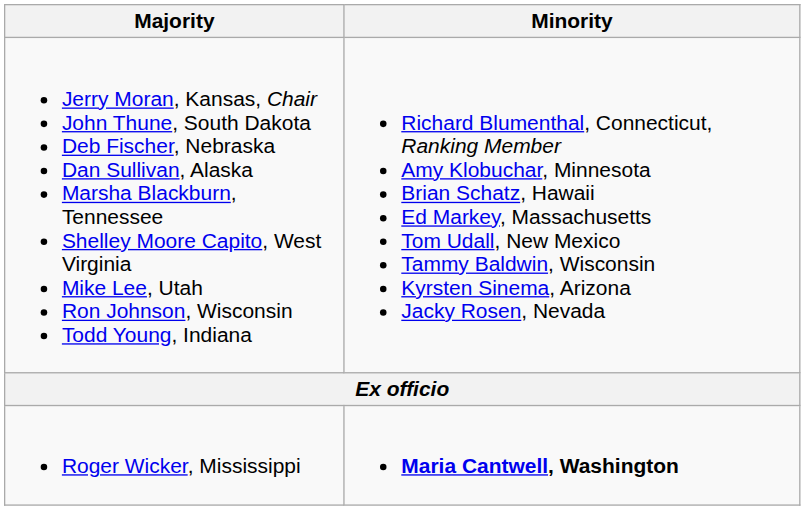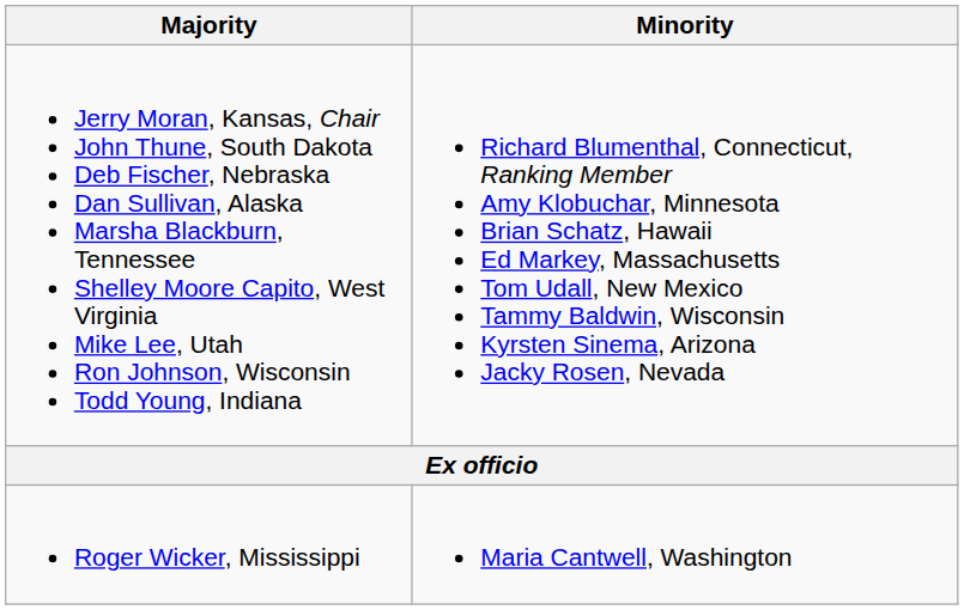 <table class=wikitable>
 <tr>
 <th>Majority</th>
 <th>Minority</th>
 </tr>
 <tr>
 <td><br><ul><li><a href='#'>Jerry Moran</a>, Kansas, <em>Chair</em></li><li><a href='#'>John Thune</a>, South Dakota</li><li><a href='#'>Deb Fischer</a>, Nebraska</li><li><a href='#'>Dan Sullivan</a>, Alaska</li><li><a href='#'>Marsha Blackburn</a>, Tennessee</li><li><a href='#'>Shelley Moore Capito</a>, West Virginia</li><li><a href='#'>Mike Lee</a>, Utah</li><li><a href='#'>Ron Johnson</a>, Wisconsin</li><li><a href='#'>Todd Young</a>, Indiana</li></ul></td>
 <td><br><ul><li><a href='#'>Richard Blumenthal</a>, Connecticut, <em>Ranking Member</em></li><li><a href='#'>Amy Klobuchar</a>, Minnesota</li><li><a href='#'>Brian Schatz</a>, Hawaii</li><li><a href='#'>Ed Markey</a>, Massachusetts</li><li><a href='#'>Tom Udall</a>, New Mexico</li><li><a href='#'>Tammy Baldwin</a>, Wisconsin</li><li><a href='#'>Kyrsten Sinema</a>, Arizona</li><li><a href='#'>Jacky Rosen</a>, Nevada</li></ul></td>
 </tr>
 <tr>
 <th colspan=2><em>Ex officio</em></th>
 </tr>
 <tr>
 <td><br><ul><li><a href='#'>Roger Wicker</a>, Mississippi</li></ul></td>
-<td><strong><br><ul><li><a href='#'>Maria Cantwell</a>, Washington</li></ul></strong></td>
+<td><br><ul><li><a href='#'>Maria Cantwell</a>, Washington</li></ul></td>
 </tr>
 </table>
